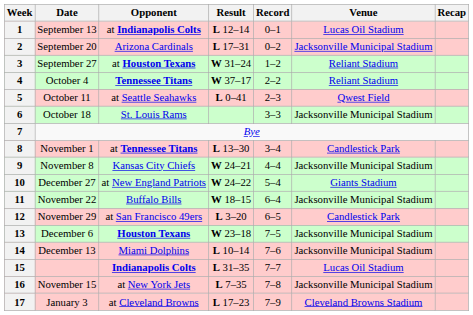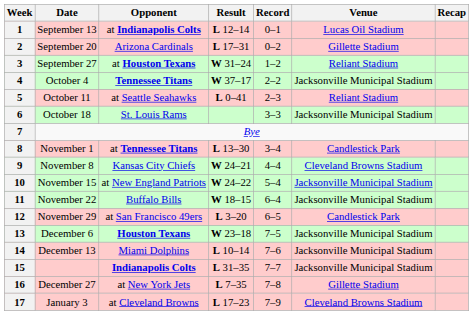 <table class="wikitable" style="text-align:center">
 <tr>
 <th>Week</th>
 <th>Date</th>
 <th>Opponent</th>
 <th>Result</th>
 <th>Record</th>
 <th>Venue</th>
 <th>Recap</th>
 </tr>
 <tr style="background:#fcc;">
 <th>1</th>
 <td>September 13</td>
 <td>at <strong><a href='#'>Indianapolis Colts</a></strong></td>
 <td><strong>L</strong> 12–14</td>
 <td>0–1</td>
 <td><a href='#'>Lucas Oil Stadium</a></td>
 <td></td>
 </tr>
 <tr style="background:#fcc;">
 <th>2</th>
 <td>September 20</td>
 <td><a href='#'>Arizona Cardinals</a></td>
 <td><strong>L</strong> 17–31</td>
 <td>0–2</td>
-<td><a href='#'>Jacksonville Municipal Stadium</a></td>
+<td><a href='#'>Gillette Stadium</a></td>
 <td></td>
 </tr>
 <tr style="background:#cfc;">
 <th>3</th>
 <td>September 27</td>
 <td>at <strong><a href='#'>Houston Texans</a></strong></td>
 <td><strong>W</strong> 31–24</td>
 <td>1–2</td>
 <td><a href='#'>Reliant Stadium</a></td>
 <td></td>
 </tr>
 <tr style="background:#cfc;">
 <th>4</th>
 <td>October 4</td>
 <td><strong><a href='#'>Tennessee Titans</a></strong></td>
 <td><strong>W</strong> 37–17</td>
 <td>2–2</td>
-<td><a href='#'>Reliant Stadium</a></td>
+<td>Jacksonville Municipal Stadium</td>
 <td></td>
 </tr>
 <tr style="background:#fcc;">
 <th>5</th>
 <td>October 11</td>
 <td>at <a href='#'>Seattle Seahawks</a></td>
 <td><strong>L</strong> 0–41</td>
 <td>2–3</td>
-<td><a href='#'>Qwest Field</a></td>
+<td><a href='#'>Reliant Stadium</a></td>
 <td></td>
 </tr>
 <tr style="background:#cfc;">
 <th>6</th>
 <td>October 18</td>
 <td><a href='#'>St. Louis Rams</a></td>
 <td></td>
 <td>3–3</td>
 <td>Jacksonville Municipal Stadium</td>
 <td></td>
 </tr>
 <tr>
 <th>7</th>
 <td colspan="9" align="center"><em><a href='#'>Bye</a></em></td>
 </tr>
 <tr style="background:#fcc;">
 <th>8</th>
 <td>November 1</td>
 <td>at <strong><a href='#'>Tennessee Titans</a></strong></td>
 <td><strong>L</strong> 13–30</td>
 <td>3–4</td>
 <td><a href='#'>Candlestick Park</a></td>
 <td></td>
 </tr>
 <tr style="background:#cfc;">
 <th>9</th>
 <td>November 8</td>
 <td><a href='#'>Kansas City Chiefs</a></td>
 <td><strong>W</strong> 24–21</td>
 <td>4–4</td>
-<td>Jacksonville Municipal Stadium</td>
+<td><a href='#'>Cleveland Browns Stadium</a></td>
 <td></td>
 </tr>
 <tr style="background:#cfc;">
 <th>10</th>
-<td>December 27</td>
+<td>November 15</td>
 <td>at <a href='#'>New England Patriots</a></td>
 <td><strong>W</strong> 24–22</td>
 <td>5–4</td>
-<td><a href='#'>Giants Stadium</a></td>
+<td><a href='#'>Jacksonville Municipal Stadium</a></td>
 <td></td>
 </tr>
 <tr style="background:#cfc;">
 <th>11</th>
 <td>November 22</td>
 <td><a href='#'>Buffalo Bills</a></td>
 <td><strong>W</strong> 18–15</td>
 <td>6–4</td>
 <td>Jacksonville Municipal Stadium</td>
 <td></td>
 </tr>
 <tr style="background:#fcc;">
 <th>12</th>
 <td>November 29</td>
 <td>at <a href='#'>San Francisco 49ers</a></td>
 <td><strong>L</strong> 3–20</td>
 <td>6–5</td>
 <td><a href='#'>Candlestick Park</a></td>
 <td></td>
 </tr>
 <tr style="background:#ccffcc;">
 <th>13</th>
 <td>December 6</td>
 <td><strong><a href='#'>Houston Texans</a></strong></td>
 <td><strong>W</strong> 23–18</td>
 <td>7–5</td>
 <td>Jacksonville Municipal Stadium</td>
 <td></td>
 </tr>
 <tr style="background:#fcc;">
 <th>14</th>
 <td>December 13</td>
 <td><a href='#'>Miami Dolphins</a></td>
 <td><strong>L</strong> 10–14</td>
 <td>7–6</td>
 <td>Jacksonville Municipal Stadium</td>
 <td></td>
 </tr>
 <tr style="background:#fcc;">
 <th>15</th>
 <td></td>
 <td><strong><a href='#'>Indianapolis Colts</a></strong></td>
 <td><strong>L</strong> 31–35</td>
 <td>7–7</td>
-<td><a href='#'>Lucas Oil Stadium</a></td>
+<td>Jacksonville Municipal Stadium</td>
 <td></td>
 </tr>
 <tr style="background:#ffcccc;">
 <th>16</th>
-<td>November 15</td>
+<td>December 27</td>
 <td>at <a href='#'>New York Jets</a></td>
 <td><strong>L</strong> 7–35</td>
 <td>7–8</td>
-<td>Jacksonville Municipal Stadium</td>
+<td><a href='#'>Gillette Stadium</a></td>
 <td></td>
 </tr>
 <tr style="background:#ffcccc;">
 <th>17</th>
 <td>January 3</td>
 <td>at <a href='#'>Cleveland Browns</a></td>
 <td><strong>L</strong> 17–23</td>
 <td>7–9</td>
 <td><a href='#'>Cleveland Browns Stadium</a></td>
 <td></td>
 </tr>
 </table>
